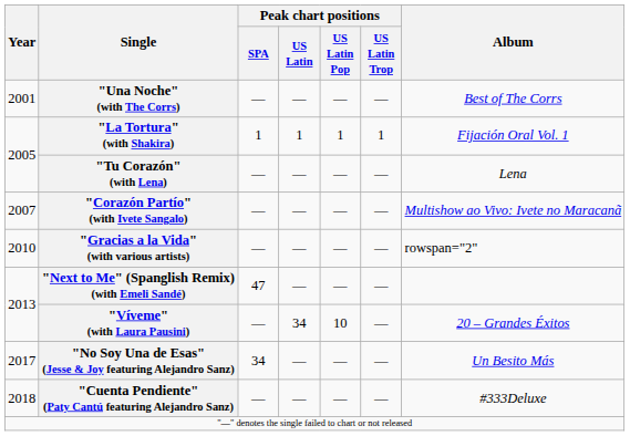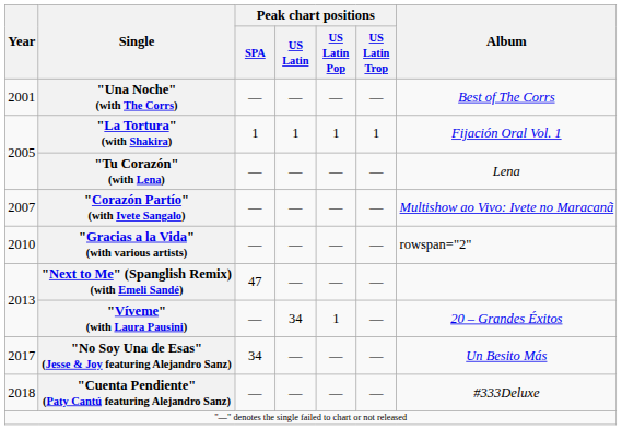 <table class="wikitable plainrowheaders">
 <tr>
 <th rowspan="2">Year</th>
 <th rowspan="2">Single</th>
 <th colspan="4">Peak chart positions</th>
 <th rowspan="2">Album</th>
 </tr>
 <tr>
 <th width="40"><small><a href='#'>SPA</a></small><br></th>
 <th width="40"><small><a href='#'>US <br>Latin</a></small><br></th>
 <th width="40"><small><a href='#'>US<br>Latin <br>Pop</a></small><br></th>
 <th width="40"><small><a href='#'>US<br>Latin<br>Trop</a></small><br></th>
 </tr>
 <tr>
 <td style="text-align:center">2001</td>
 <th scope="row">"Una Noche"<br><small>(with <a href='#'>The Corrs</a>)</small></th>
 <td style="text-align:center">—</td>
 <td style="text-align:center">—</td>
 <td style="text-align:center">—</td>
 <td style="text-align:center">—</td>
 <td style="text-align:center"><em><a href='#'>Best of The Corrs</a></em></td>
 </tr>
 <tr>
 <td style="text-align:center" rowspan="2">2005</td>
 <th scope="row">"<a href='#'>La Tortura</a>"<br><small>(with <a href='#'>Shakira</a>)</small></th>
 <td style="text-align:center">1</td>
 <td style="text-align:center">1</td>
 <td style="text-align:center">1</td>
 <td style="text-align:center">1</td>
 <td style="text-align:center"><em><a href='#'>Fijación Oral Vol. 1</a></em></td>
 </tr>
 <tr>
 <th scope="row">"Tu Corazón"<br><small>(with <a href='#'>Lena</a>)</small></th>
 <td style="text-align:center">—</td>
 <td style="text-align:center">—</td>
 <td style="text-align:center">—</td>
 <td style="text-align:center">—</td>
 <td style="text-align:center"><em>Lena</em></td>
 </tr>
 <tr>
 <td style="text-align:center">2007</td>
 <th scope="row">"<a href='#'>Corazón Partío</a>"<br><small>(with <a href='#'>Ivete Sangalo</a>)</small></th>
 <td style="text-align:center">—</td>
 <td style="text-align:center">—</td>
 <td style="text-align:center">—</td>
 <td style="text-align:center">—</td>
 <td style="text-align:center"><em><a href='#'>Multishow ao Vivo: Ivete no Maracanã</a></em></td>
 </tr>
 <tr>
 <td style="text-align:center">2010</td>
 <th scope="row">"<a href='#'>Gracias a la Vida</a>"<br><small>(with various artists)</small></th>
 <td style="text-align:center">—</td>
 <td style="text-align:center">—</td>
 <td style="text-align:center">—</td>
 <td style="text-align:center">—</td>
 <td>rowspan="2" </td>
 </tr>
 <tr>
 <td style="text-align:center" rowspan="2">2013</td>
 <th scope="row">"<a href='#'>Next to Me</a>" (Spanglish Remix)<br><small>(with <a href='#'>Emeli Sandé</a>)</small></th>
 <td style="text-align:center">47</td>
 <td style="text-align:center">—</td>
 <td style="text-align:center">—</td>
 <td style="text-align:center">—</td>
 </tr>
 <tr>
 <th scope="row">"<a href='#'>Víveme</a>"<br><small>(with <a href='#'>Laura Pausini</a>)</small></th>
 <td style="text-align:center">—</td>
 <td style="text-align:center">34</td>
-<td style="text-align:center">10</td>
+<td style="text-align:center">1</td>
 <td style="text-align:center">—</td>
 <td style="text-align:center"><em><a href='#'>20 – Grandes Éxitos</a></em></td>
 </tr>
 <tr>
 <td style="text-align:center">2017</td>
 <th scope="row">"No Soy Una de Esas"<br><small>(<a href='#'>Jesse & Joy</a> featuring Alejandro Sanz)</small></th>
 <td style="text-align:center">34</td>
 <td style="text-align:center">—</td>
 <td style="text-align:center">—</td>
 <td style="text-align:center">—</td>
 <td style="text-align:center"><em><a href='#'>Un Besito Más</a></em></td>
 </tr>
 <tr>
 <td style="text-align:center">2018</td>
 <th scope="row">"Cuenta Pendiente"<br><small>(<a href='#'>Paty Cantú</a> featuring Alejandro Sanz)</small></th>
 <td style="text-align:center">—</td>
 <td style="text-align:center">—</td>
 <td style="text-align:center">—</td>
 <td style="text-align:center">—</td>
 <td style="text-align:center"><em>#333Deluxe</em></td>
 </tr>
 <tr>
 <td style="text-align:center; font-size:8pt" colspan="15">"—" denotes the single failed to chart or not released</td>
 </tr>
 </table>
